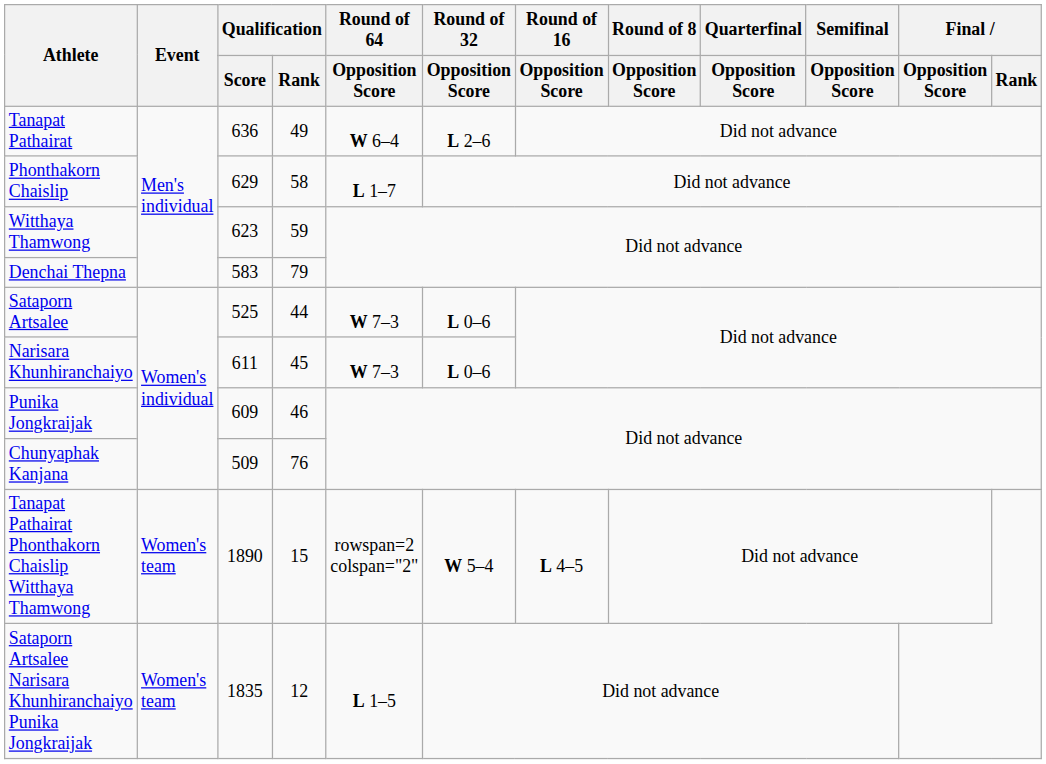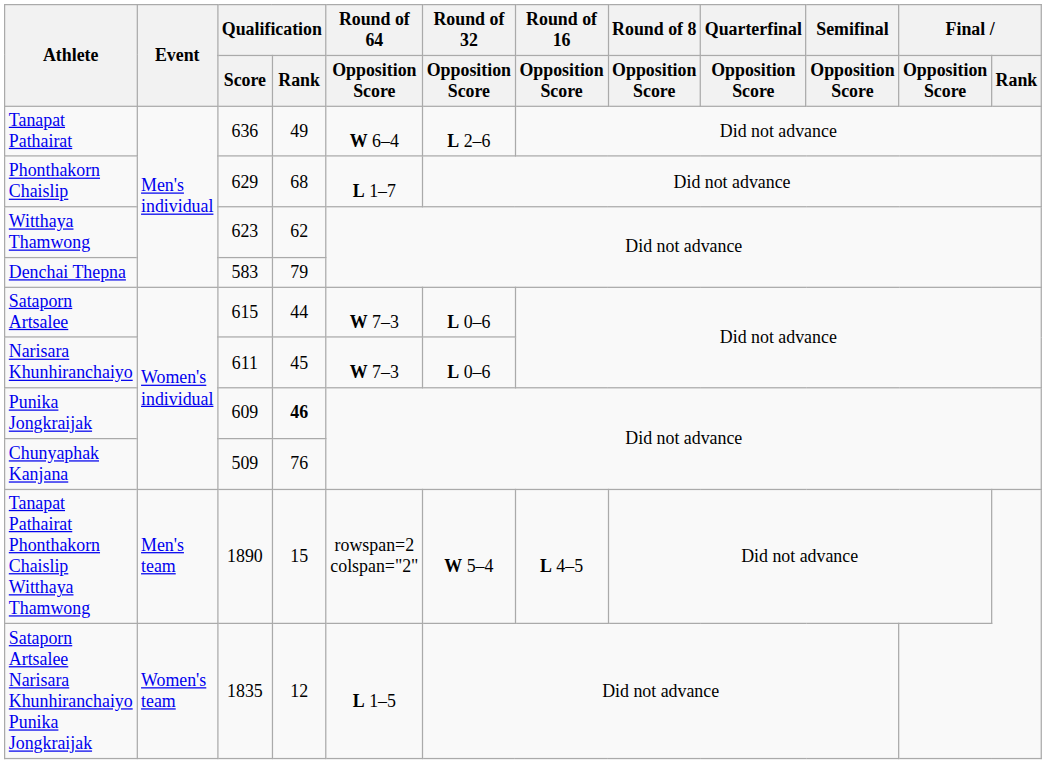 <table class="wikitable" style="font-size:90%;text-align:center">
 <tr>
 <th rowspan="2">Athlete</th>
 <th rowspan="2">Event</th>
 <th colspan="2">Qualification</th>
 <th>Round of 64</th>
 <th>Round of 32</th>
 <th>Round of 16</th>
 <th>Round of 8</th>
 <th>Quarterfinal</th>
 <th>Semifinal</th>
 <th colspan="2">Final / </th>
 </tr>
 <tr>
 <th>Score</th>
 <th>Rank</th>
 <th>Opposition<br>Score</th>
 <th>Opposition<br>Score</th>
 <th>Opposition<br>Score</th>
 <th>Opposition<br>Score</th>
 <th>Opposition<br>Score</th>
 <th>Opposition<br>Score</th>
 <th>Opposition<br>Score</th>
 <th>Rank</th>
 </tr>
 <tr>
 <td align="left"><a href='#'>Tanapat Pathairat</a></td>
 <td align="left" rowspan="4"><a href='#'>Men's individual</a></td>
 <td>636</td>
 <td>49 <strong></strong></td>
 <td><br><strong>W</strong> 6–4</td>
 <td><br><strong>L</strong> 2–6</td>
 <td colspan=6>Did not advance</td>
 </tr>
 <tr>
 <td align="left"><a href='#'>Phonthakorn Chaislip</a></td>
 <td>629</td>
-<td>58 <strong></strong></td>
+<td>68 <strong></strong></td>
 <td><br><strong>L</strong> 1–7</td>
 <td colspan=7>Did not advance</td>
 </tr>
 <tr>
 <td align="left"><a href='#'>Witthaya Thamwong</a></td>
 <td>623</td>
-<td>59</td>
+<td>62</td>
 <td rowspan=2 colspan="8">Did not advance</td>
 </tr>
 <tr>
 <td align="left"><a href='#'>Denchai Thepna</a></td>
 <td>583</td>
 <td>79</td>
 </tr>
 <tr>
 <td align="left"><a href='#'>Sataporn Artsalee</a></td>
 <td align="left" rowspan="4"><a href='#'>Women's individual</a></td>
-<td>525</td>
+<td>615</td>
 <td>44 <strong></strong></td>
 <td><br><strong>W</strong> 7–3</td>
 <td><br><strong>L</strong> 0–6</td>
 <td rowspan=2 colspan=6>Did not advance</td>
 </tr>
 <tr>
 <td align="left"><a href='#'>Narisara Khunhiranchaiyo</a></td>
 <td>611</td>
 <td>45 <strong></strong></td>
 <td><br><strong>W</strong> 7–3</td>
 <td><br><strong>L</strong> 0–6</td>
 </tr>
 <tr>
 <td align="left"><a href='#'>Punika Jongkraijak</a></td>
 <td>609</td>
-<td>46</td>
+<td><strong>46</strong></td>
 <td rowspan=2 colspan="8">Did not advance</td>
 </tr>
 <tr>
 <td align="left"><a href='#'>Chunyaphak Kanjana</a></td>
 <td>509</td>
 <td>76</td>
 </tr>
 <tr>
 <td align="left"><a href='#'>Tanapat Pathairat</a><br><a href='#'>Phonthakorn Chaislip</a><br><a href='#'>Witthaya Thamwong</a></td>
-<td align="left"><a href='#'>Women's team</a></td>
+<td align="left"><a href='#'>Men's team</a></td>
 <td>1890</td>
 <td>15 <strong></strong></td>
 <td>rowspan=2 colspan="2" </td>
 <td><br><strong>W</strong> 5–4</td>
 <td><br><strong>L</strong> 4–5</td>
 <td colspan=4>Did not advance</td>
 </tr>
 <tr>
 <td align="left"><a href='#'>Sataporn Artsalee</a><br><a href='#'>Narisara Khunhiranchaiyo</a><br><a href='#'>Punika Jongkraijak</a></td>
 <td align="left"><a href='#'>Women's team</a></td>
 <td>1835</td>
 <td>12 <strong></strong></td>
 <td> <br><strong>L</strong> 1–5</td>
 <td colspan=5>Did not advance</td>
 </tr>
 </table>
